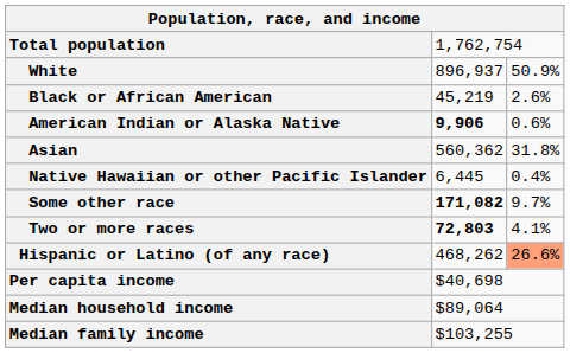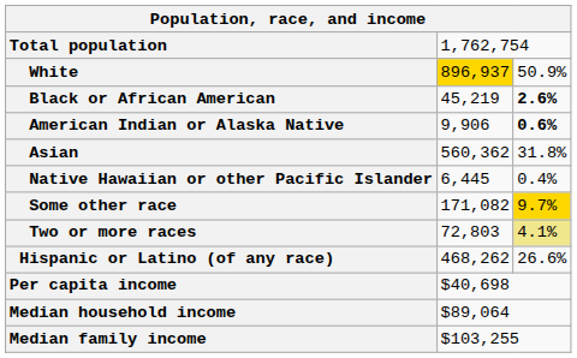 <table class="wikitable collapsible collapsed">
 <tr>
 <th colspan=6>Population, race, and income</th>
 </tr>
 <tr>
 <th scope="row" style="text-align: left;">Total population</th>
 <td colspan=2>1,762,754</td>
 </tr>
 <tr>
 <th scope="row" style="text-align: left;">  White</th>
-<td>896,937</td>
+<td style="background: gold;">896,937</td>
 <td>50.9%</td>
 </tr>
 <tr>
 <th scope="row" style="text-align: left;">  Black or African American</th>
 <td>45,219</td>
-<td>2.6%</td>
+<td><strong>2.6%</strong></td>
 </tr>
 <tr>
 <th scope="row" style="text-align: left;">  American Indian or Alaska Native</th>
-<td><strong>9,906</strong></td>
-<td>0.6%</td>
+<td>9,906</td>
+<td><strong>0.6%</strong></td>
 </tr>
 <tr>
 <th scope="row" style="text-align: left;">  Asian</th>
 <td>560,362</td>
 <td>31.8%</td>
 </tr>
 <tr>
 <th scope="row" style="text-align: left;">  Native Hawaiian or other Pacific Islander</th>
 <td>6,445</td>
 <td>0.4%</td>
 </tr>
 <tr>
 <th scope="row" style="text-align: left;">  Some other race</th>
-<td><strong>171,082</strong></td>
-<td>9.7%</td>
+<td>171,082</td>
+<td style="background: gold;">9.7%</td>
 </tr>
 <tr>
 <th scope="row" style="text-align: left;">  Two or more races</th>
-<td><strong>72,803</strong></td>
-<td>4.1%</td>
+<td>72,803</td>
+<td style="background: khaki;">4.1%</td>
 </tr>
 <tr>
 <th scope="row" style="text-align: left;"> Hispanic or Latino (of any race)</th>
 <td>468,262</td>
-<td style="background: lightsalmon;">26.6%</td>
+<td>26.6%</td>
 </tr>
 <tr>
 <th scope="row" style="text-align: left;">Per capita income</th>
 <td colspan=2>$40,698</td>
 </tr>
 <tr>
 <th scope="row" style="text-align: left;">Median household income</th>
 <td colspan=2>$89,064</td>
 </tr>
 <tr>
 <th scope="row" style="text-align: left;">Median family income</th>
 <td colspan=2>$103,255</td>
 </tr>
 </table>
